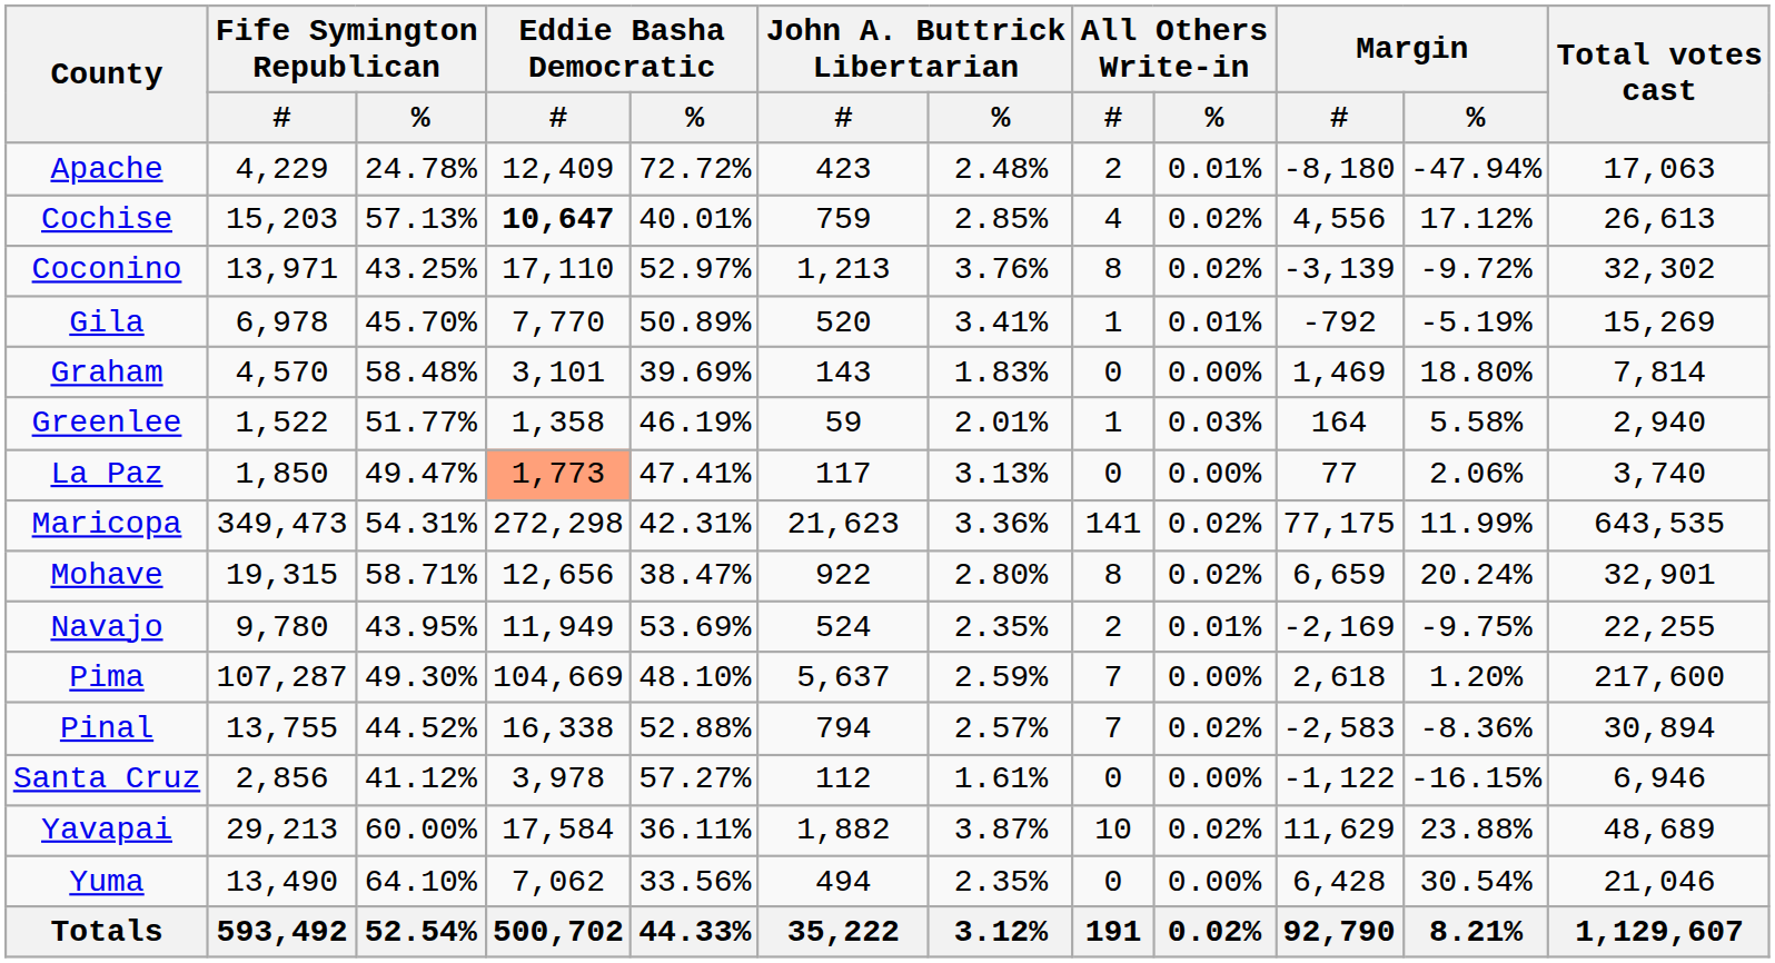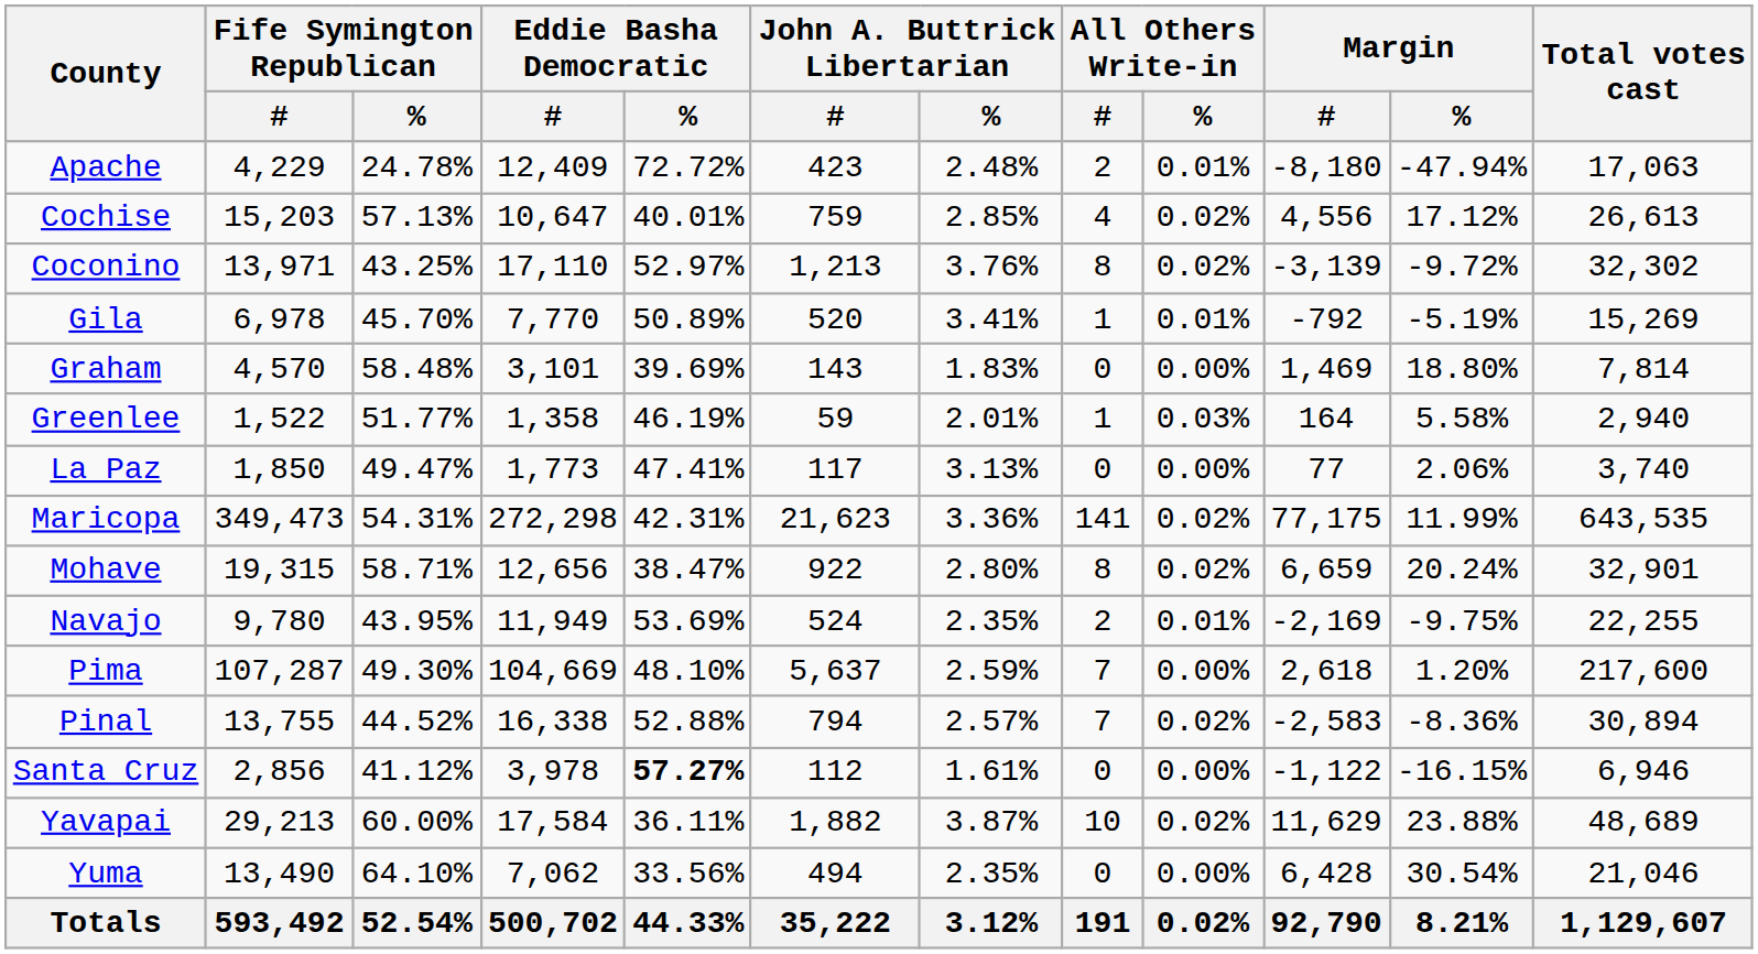 <table class="wikitable sortable">
 <tr>
 <th rowspan="2">County</th>
 <th style="text-align:center;" colspan="2">Fife Symington<br>Republican</th>
 <th style="text-align:center;" colspan="2">Eddie Basha<br>Democratic</th>
 <th style="text-align:center;" colspan="2">John A. Buttrick<br>Libertarian</th>
 <th style="text-align:center;" colspan="2">All Others <br>Write-in</th>
 <th style="text-align:center;" colspan="2">Margin</th>
 <th style="text-align:center;" rowspan="2">Total votes<br>cast</th>
 </tr>
 <tr>
 <th style="text-align:center;" data-sort-type="number">#</th>
 <th style="text-align:center;" data-sort-type="number">%</th>
 <th style="text-align:center;" data-sort-type="number">#</th>
 <th style="text-align:center;" data-sort-type="number">%</th>
 <th style="text-align:center;" data-sort-type="number">#</th>
 <th style="text-align:center;" data-sort-type="number">%</th>
 <th style="text-align:center;" data-sort-type="number">#</th>
 <th style="text-align:center;" data-sort-type="number">%</th>
 <th style="text-align:center;" data-sort-type="number">#</th>
 <th style="text-align:center;" data-sort-type="number">%</th>
 </tr>
 <tr style="text-align:center;">
 <td><a href='#'>Apache</a></td>
 <td>4,229</td>
 <td>24.78%</td>
 <td>12,409</td>
 <td>72.72%</td>
 <td>423</td>
 <td>2.48%</td>
 <td>2</td>
 <td>0.01%</td>
 <td>-8,180</td>
 <td>-47.94%</td>
 <td>17,063</td>
 </tr>
 <tr style="text-align:center;">
 <td><a href='#'>Cochise</a></td>
 <td>15,203</td>
 <td>57.13%</td>
-<td><strong>10,647</strong></td>
+<td>10,647</td>
 <td>40.01%</td>
 <td>759</td>
 <td>2.85%</td>
 <td>4</td>
 <td>0.02%</td>
 <td>4,556</td>
 <td>17.12%</td>
 <td>26,613</td>
 </tr>
 <tr style="text-align:center;">
 <td><a href='#'>Coconino</a></td>
 <td>13,971</td>
 <td>43.25%</td>
 <td>17,110</td>
 <td>52.97%</td>
 <td>1,213</td>
 <td>3.76%</td>
 <td>8</td>
 <td>0.02%</td>
 <td>-3,139</td>
 <td>-9.72%</td>
 <td>32,302</td>
 </tr>
 <tr style="text-align:center;">
 <td><a href='#'>Gila</a></td>
 <td>6,978</td>
 <td>45.70%</td>
 <td>7,770</td>
 <td>50.89%</td>
 <td>520</td>
 <td>3.41%</td>
 <td>1</td>
 <td>0.01%</td>
 <td>-792</td>
 <td>-5.19%</td>
 <td>15,269</td>
 </tr>
 <tr style="text-align:center;">
 <td><a href='#'>Graham</a></td>
 <td>4,570</td>
 <td>58.48%</td>
 <td>3,101</td>
 <td>39.69%</td>
 <td>143</td>
 <td>1.83%</td>
 <td>0</td>
 <td>0.00%</td>
 <td>1,469</td>
 <td>18.80%</td>
 <td>7,814</td>
 </tr>
 <tr style="text-align:center;">
 <td><a href='#'>Greenlee</a></td>
 <td>1,522</td>
 <td>51.77%</td>
 <td>1,358</td>
 <td>46.19%</td>
 <td>59</td>
 <td>2.01%</td>
 <td>1</td>
 <td>0.03%</td>
 <td>164</td>
 <td>5.58%</td>
 <td>2,940</td>
 </tr>
 <tr style="text-align:center;">
 <td><a href='#'>La Paz</a></td>
 <td>1,850</td>
 <td>49.47%</td>
-<td style="background: lightsalmon;">1,773</td>
+<td>1,773</td>
 <td>47.41%</td>
 <td>117</td>
 <td>3.13%</td>
 <td>0</td>
 <td>0.00%</td>
 <td>77</td>
 <td>2.06%</td>
 <td>3,740</td>
 </tr>
 <tr style="text-align:center;">
 <td><a href='#'>Maricopa</a></td>
 <td>349,473</td>
 <td>54.31%</td>
 <td>272,298</td>
 <td>42.31%</td>
 <td>21,623</td>
 <td>3.36%</td>
 <td>141</td>
 <td>0.02%</td>
 <td>77,175</td>
 <td>11.99%</td>
 <td>643,535</td>
 </tr>
 <tr style="text-align:center;">
 <td><a href='#'>Mohave</a></td>
 <td>19,315</td>
 <td>58.71%</td>
 <td>12,656</td>
 <td>38.47%</td>
 <td>922</td>
 <td>2.80%</td>
 <td>8</td>
 <td>0.02%</td>
 <td>6,659</td>
 <td>20.24%</td>
 <td>32,901</td>
 </tr>
 <tr style="text-align:center;">
 <td><a href='#'>Navajo</a></td>
 <td>9,780</td>
 <td>43.95%</td>
 <td>11,949</td>
 <td>53.69%</td>
 <td>524</td>
 <td>2.35%</td>
 <td>2</td>
 <td>0.01%</td>
 <td>-2,169</td>
 <td>-9.75%</td>
 <td>22,255</td>
 </tr>
 <tr style="text-align:center;">
 <td><a href='#'>Pima</a></td>
 <td>107,287</td>
 <td>49.30%</td>
 <td>104,669</td>
 <td>48.10%</td>
 <td>5,637</td>
 <td>2.59%</td>
 <td>7</td>
 <td>0.00%</td>
 <td>2,618</td>
 <td>1.20%</td>
 <td>217,600</td>
 </tr>
 <tr style="text-align:center;">
 <td><a href='#'>Pinal</a></td>
 <td>13,755</td>
 <td>44.52%</td>
 <td>16,338</td>
 <td>52.88%</td>
 <td>794</td>
 <td>2.57%</td>
 <td>7</td>
 <td>0.02%</td>
 <td>-2,583</td>
 <td>-8.36%</td>
 <td>30,894</td>
 </tr>
 <tr style="text-align:center;">
 <td><a href='#'>Santa Cruz</a></td>
 <td>2,856</td>
 <td>41.12%</td>
 <td>3,978</td>
-<td>57.27%</td>
+<td><strong>57.27%</strong></td>
 <td>112</td>
 <td>1.61%</td>
 <td>0</td>
 <td>0.00%</td>
 <td>-1,122</td>
 <td>-16.15%</td>
 <td>6,946</td>
 </tr>
 <tr style="text-align:center;">
 <td><a href='#'>Yavapai</a></td>
 <td>29,213</td>
 <td>60.00%</td>
 <td>17,584</td>
 <td>36.11%</td>
 <td>1,882</td>
 <td>3.87%</td>
 <td>10</td>
 <td>0.02%</td>
 <td>11,629</td>
 <td>23.88%</td>
 <td>48,689</td>
 </tr>
 <tr style="text-align:center;">
 <td><a href='#'>Yuma</a></td>
 <td>13,490</td>
 <td>64.10%</td>
 <td>7,062</td>
 <td>33.56%</td>
 <td>494</td>
 <td>2.35%</td>
 <td>0</td>
 <td>0.00%</td>
 <td>6,428</td>
 <td>30.54%</td>
 <td>21,046</td>
 </tr>
 <tr style="text-align:center;">
 <th>Totals</th>
 <th>593,492</th>
 <th>52.54%</th>
 <th>500,702</th>
 <th>44.33%</th>
 <th>35,222</th>
 <th>3.12%</th>
 <th>191</th>
 <th>0.02%</th>
 <th>92,790</th>
 <th>8.21%</th>
 <th>1,129,607</th>
 </tr>
 </table>
